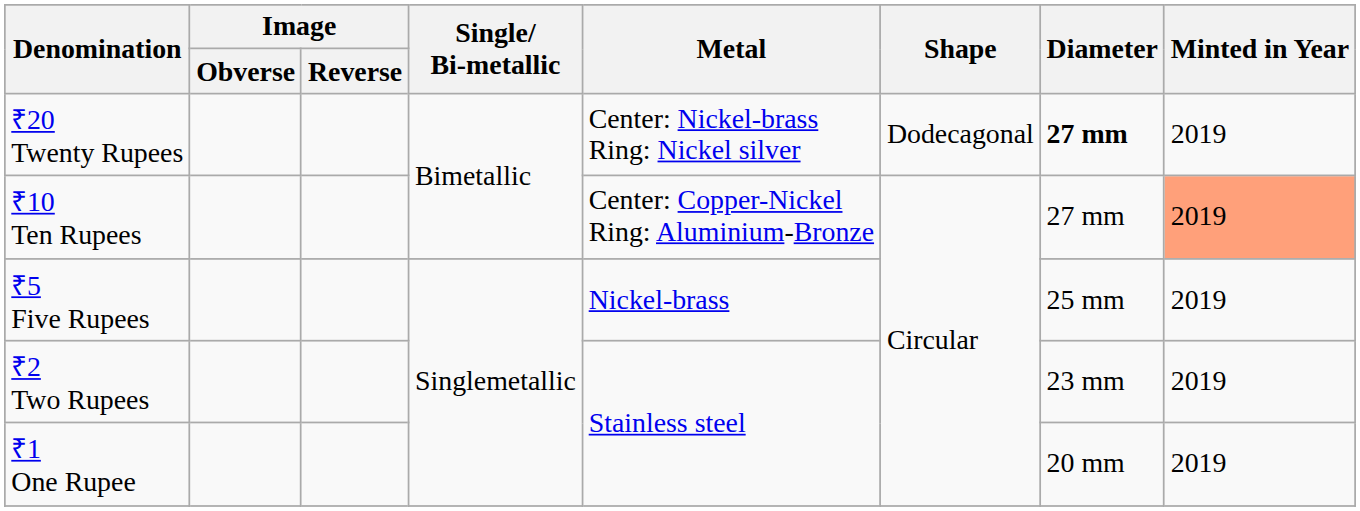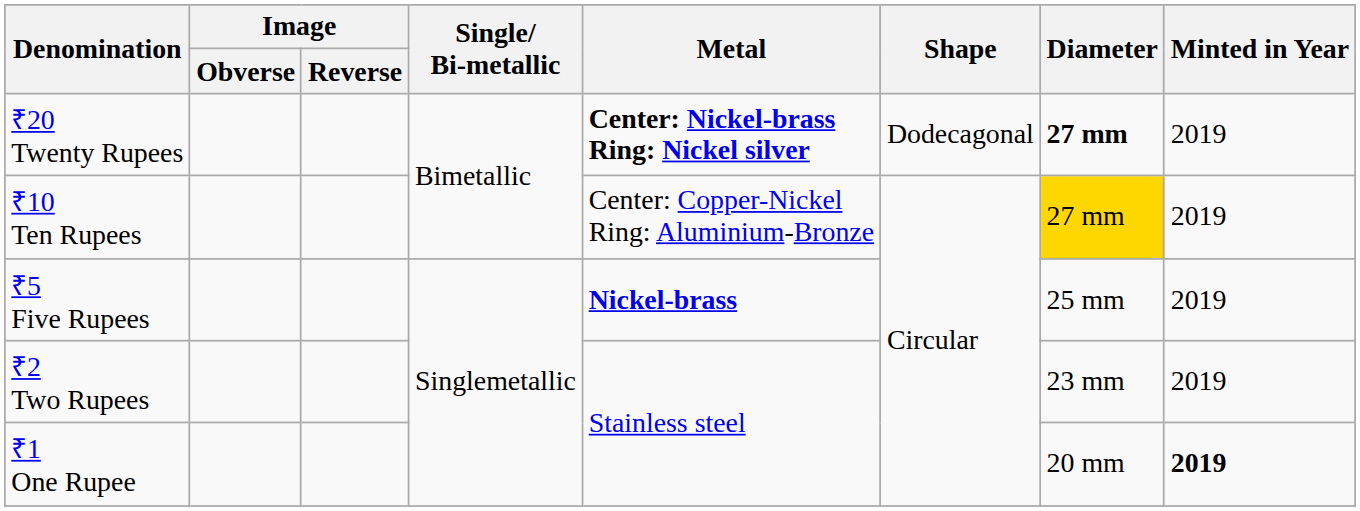 <table class="wikitable">
 <tr>
 <th rowspan="2">Denomination</th>
 <th colspan="2">Image</th>
 <th rowspan="2">Single/<br>Bi-metallic</th>
 <th rowspan="2">Metal</th>
 <th rowspan="2">Shape</th>
 <th rowspan="2">Diameter</th>
 <th rowspan="2">Minted in Year</th>
 </tr>
 <tr>
 <th>Obverse</th>
 <th>Reverse</th>
 </tr>
 <tr>
 <td><a href='#'>₹20</a><br> Twenty Rupees<br></td>
 <td></td>
 <td></td>
 <td rowspan="2">Bimetallic</td>
-<td>Center: <a href='#'>Nickel-brass</a><br>Ring: <a href='#'>Nickel silver</a></td>
+<td><strong>Center: <a href='#'>Nickel-brass</a><br>Ring: <a href='#'>Nickel silver</a></strong></td>
 <td>Dodecagonal</td>
 <td><strong>27 mm</strong></td>
 <td>2019</td>
 </tr>
 <tr>
 <td><a href='#'>₹10</a><br>Ten Rupees</td>
 <td></td>
 <td></td>
 <td>Center: <a href='#'>Copper-Nickel</a><br>Ring: <a href='#'>Aluminium</a>-<a href='#'>Bronze</a></td>
 <td rowspan="4">Circular</td>
-<td>27 mm</td>
-<td style="background: lightsalmon;">2019</td>
+<td style="background: gold;">27 mm</td>
+<td>2019</td>
 </tr>
 <tr>
 <td><a href='#'>₹5</a><br>Five Rupees</td>
 <td></td>
 <td></td>
 <td rowspan="3">Singlemetallic</td>
-<td><a href='#'>Nickel-brass</a></td>
+<td><strong><a href='#'>Nickel-brass</a></strong></td>
 <td>25 mm</td>
 <td>2019</td>
 </tr>
 <tr>
 <td><a href='#'>₹2</a><br>Two Rupees</td>
 <td></td>
 <td></td>
 <td rowspan="2" ><a href='#'>Stainless steel</a></td>
 <td>23 mm</td>
 <td>2019</td>
 </tr>
 <tr>
 <td><a href='#'>₹1</a><br>One Rupee</td>
 <td></td>
 <td></td>
 <td>20 mm</td>
-<td>2019</td>
+<td><strong>2019</strong></td>
 </tr>
 </table>
